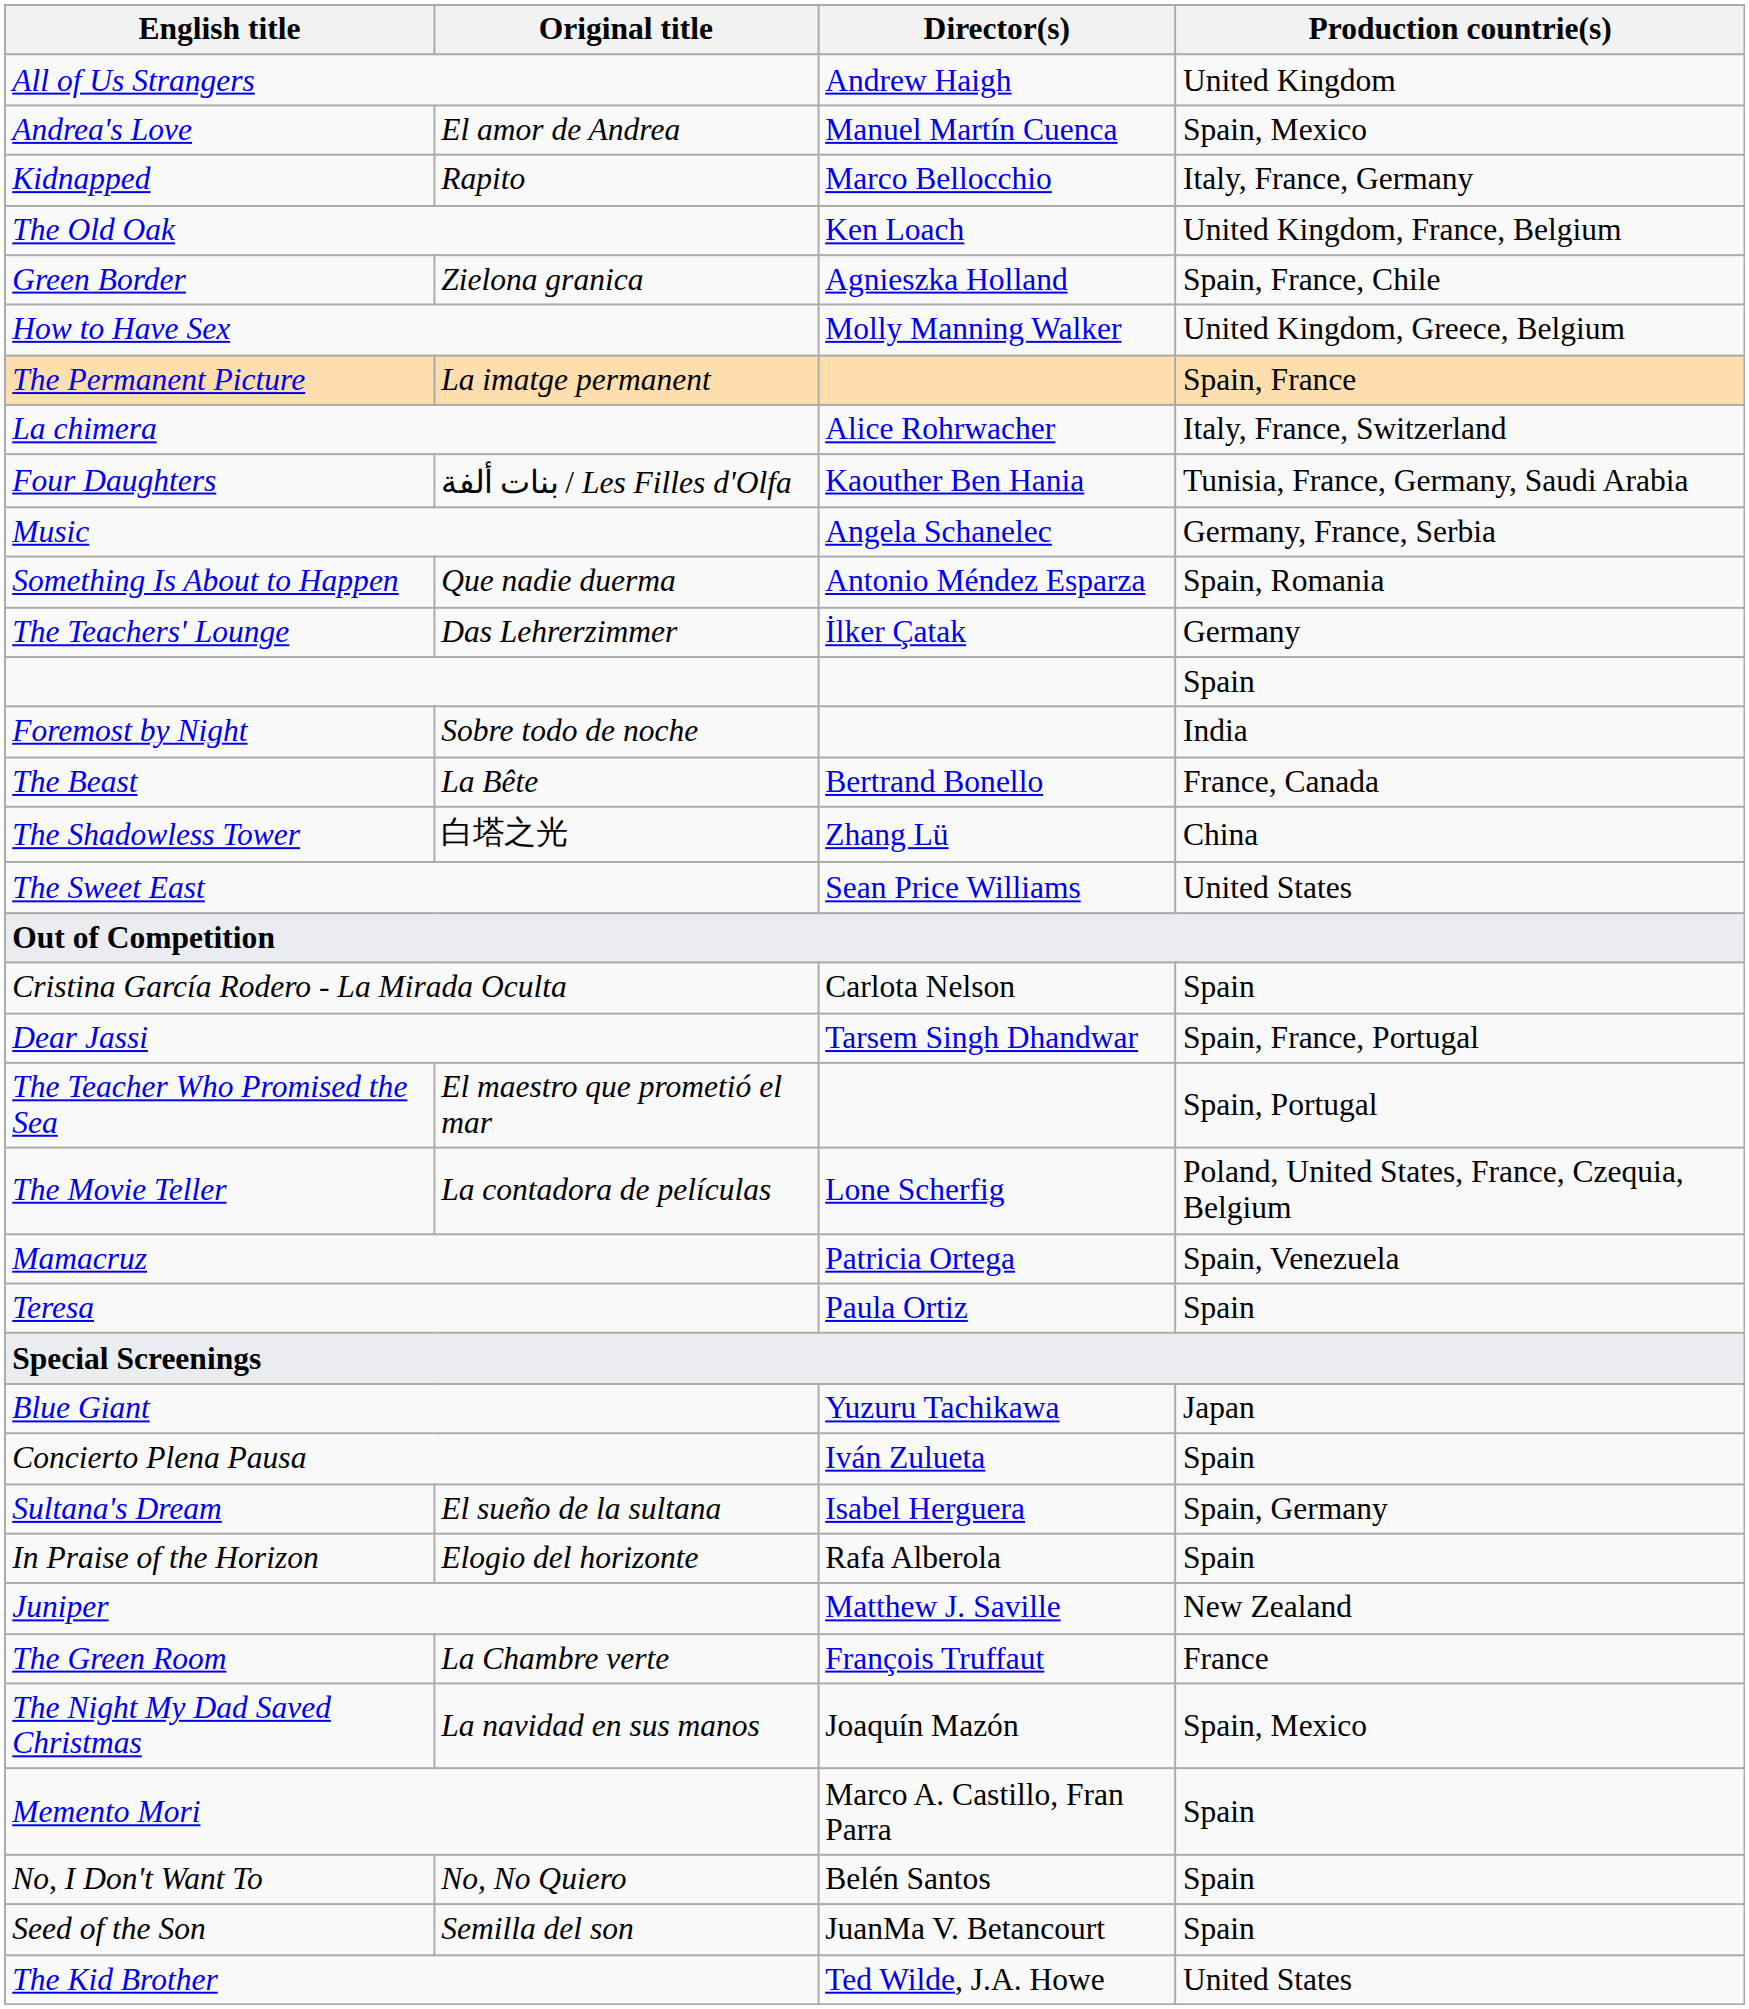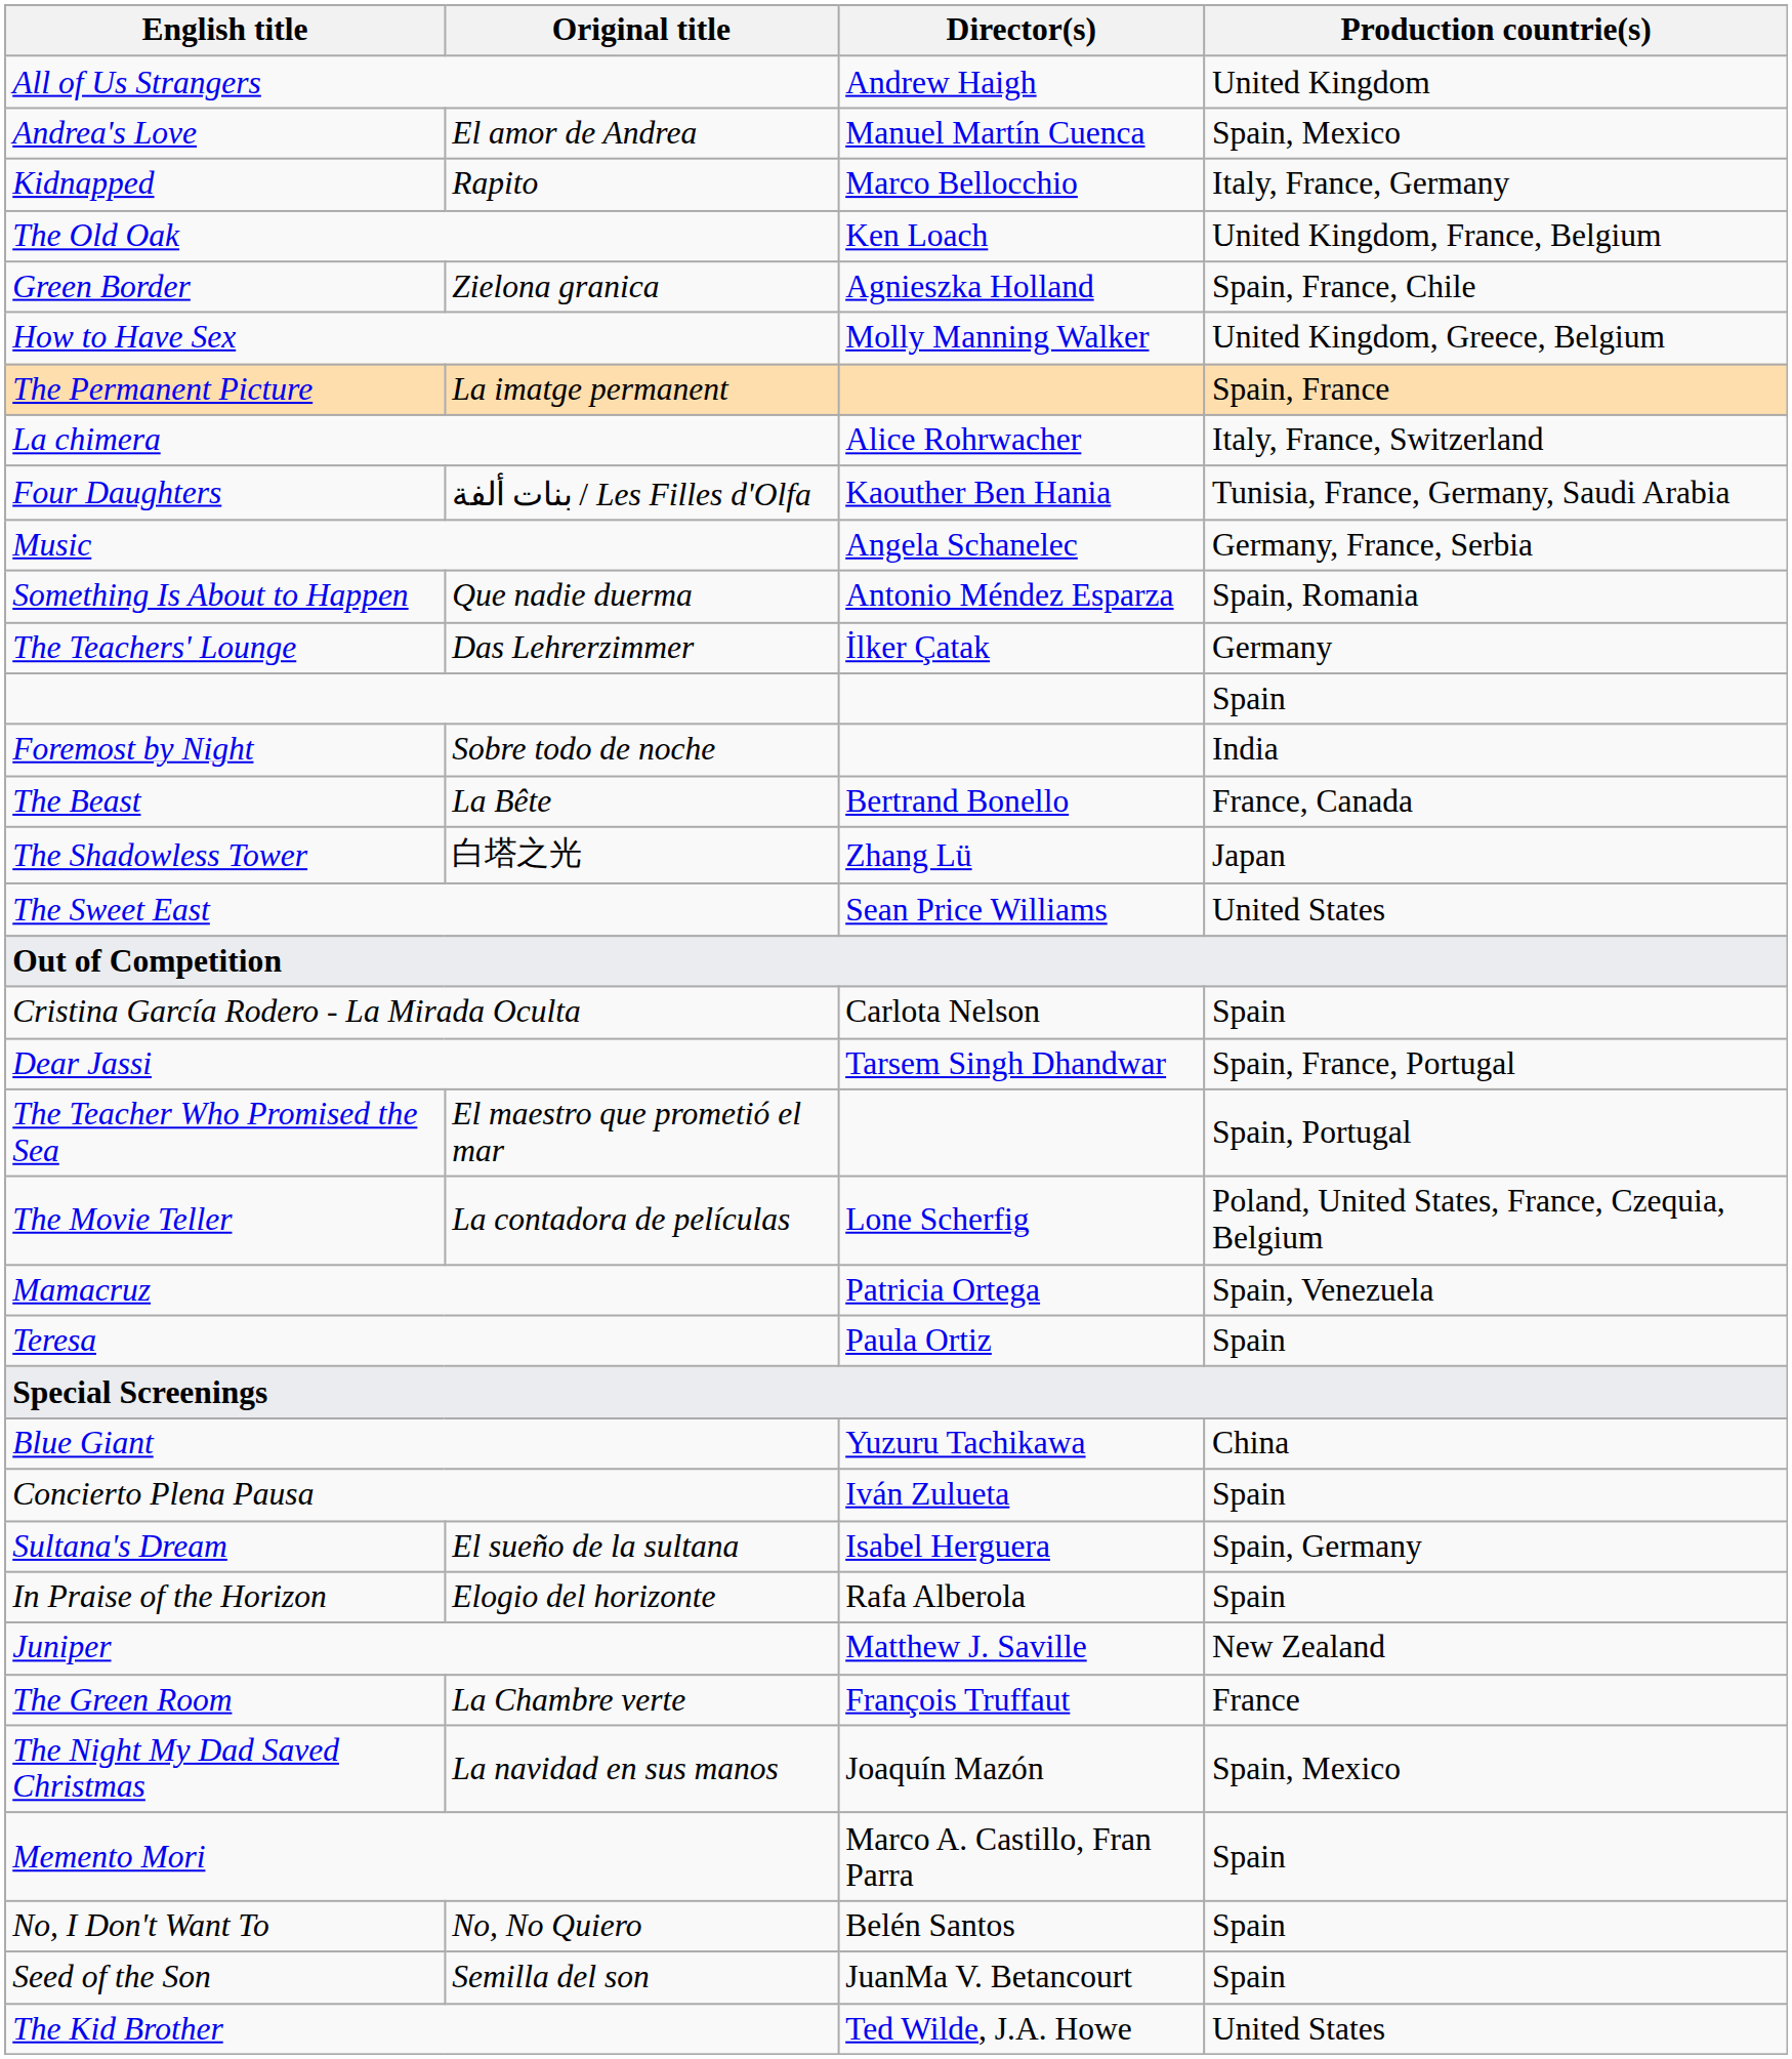 <table class="sortable wikitable" style="width:100%; margin-bottom:4px" cellpadding="5">
 <tr>
 <th scope="col">English title</th>
 <th scope="col">Original title</th>
 <th scope="col">Director(s)</th>
 <th scope="col">Production countrie(s)</th>
 </tr>
 <tr>
 <td colspan="2"><em><a href='#'>All of Us Strangers</a></em></td>
 <td><a href='#'>Andrew Haigh</a></td>
 <td>United Kingdom</td>
 </tr>
 <tr>
 <td><em><a href='#'>Andrea's Love</a></em></td>
 <td><em>El amor de Andrea</em></td>
 <td><a href='#'>Manuel Martín Cuenca</a></td>
 <td>Spain, Mexico</td>
 </tr>
 <tr>
 <td><em><a href='#'>Kidnapped</a></em></td>
 <td><em>Rapito</em></td>
 <td><a href='#'>Marco Bellocchio</a></td>
 <td>Italy, France, Germany</td>
 </tr>
 <tr>
 <td colspan="2"><em><a href='#'>The Old Oak</a></em></td>
 <td><a href='#'>Ken Loach</a></td>
 <td>United Kingdom, France, Belgium</td>
 </tr>
 <tr>
 <td><em><a href='#'>Green Border</a></em></td>
 <td><em>Zielona granica</em></td>
 <td><a href='#'>Agnieszka Holland</a></td>
 <td>Spain, France, Chile</td>
 </tr>
 <tr>
 <td colspan="2"><em><a href='#'>How to Have Sex</a></em></td>
 <td><a href='#'>Molly Manning Walker</a></td>
 <td>United Kingdom, Greece, Belgium</td>
 </tr>
 <tr style="background:#FFDEAD;">
 <td><em><a href='#'>The Permanent Picture</a></em></td>
 <td><em>La imatge permanent</em></td>
 <td></td>
 <td>Spain, France</td>
 </tr>
 <tr>
 <td colspan="2"><em><a href='#'>La chimera</a></em></td>
 <td><a href='#'>Alice Rohrwacher</a></td>
 <td>Italy, France, Switzerland</td>
 </tr>
 <tr>
 <td><em><a href='#'>Four Daughters</a></em></td>
 <td>بنات ألفة / <em>Les Filles d'Olfa</em></td>
 <td><a href='#'>Kaouther Ben Hania</a></td>
 <td>Tunisia, France, Germany, Saudi Arabia</td>
 </tr>
 <tr>
 <td colspan="2"><em><a href='#'>Music</a></em></td>
 <td><a href='#'>Angela Schanelec</a></td>
 <td>Germany, France, Serbia</td>
 </tr>
 <tr>
 <td><em><a href='#'>Something Is About to Happen</a></em></td>
 <td><em>Que nadie duerma</em></td>
 <td><a href='#'>Antonio Méndez Esparza</a></td>
 <td>Spain, Romania</td>
 </tr>
 <tr>
 <td><em><a href='#'>The Teachers' Lounge</a></em></td>
 <td><em>Das Lehrerzimmer</em></td>
 <td><a href='#'>İlker Çatak</a></td>
 <td>Germany</td>
 </tr>
 <tr>
 <td colspan="2"><em></em></td>
 <td></td>
 <td>Spain</td>
 </tr>
 <tr>
 <td><em><a href='#'>Foremost by Night</a></em></td>
 <td><em>Sobre todo de noche</em></td>
 <td></td>
 <td>India</td>
 </tr>
 <tr>
 <td><em><a href='#'>The Beast</a></em></td>
 <td><em>La Bête</em></td>
 <td><a href='#'>Bertrand Bonello</a></td>
 <td>France, Canada</td>
 </tr>
 <tr>
 <td><em><a href='#'>The Shadowless Tower</a></em></td>
 <td>白塔之光</td>
 <td><a href='#'>Zhang Lü</a></td>
-<td>China</td>
+<td>Japan</td>
 </tr>
 <tr>
 <td colspan="2"><em><a href='#'>The Sweet East</a></em></td>
 <td><a href='#'>Sean Price Williams</a></td>
 <td>United States</td>
 </tr>
 <tr>
 <td colspan=4 class="center" style="padding-center:120px; background-color:#EAECF0"><strong>Out of Competition</strong></td>
 </tr>
 <tr>
 <td colspan="2"><em>Cristina García Rodero - La Mirada Oculta</em></td>
 <td>Carlota Nelson</td>
 <td>Spain</td>
 </tr>
 <tr>
 <td colspan="2"><em><a href='#'>Dear Jassi</a></em></td>
 <td><a href='#'>Tarsem Singh Dhandwar</a></td>
 <td>Spain, France, Portugal</td>
 </tr>
 <tr>
 <td><em><a href='#'>The Teacher Who Promised the Sea</a></em></td>
 <td><em>El maestro que prometió el mar</em></td>
 <td></td>
 <td>Spain, Portugal</td>
 </tr>
 <tr>
 <td><em><a href='#'>The Movie Teller</a></em> </td>
 <td><em>La contadora de películas</em></td>
 <td><a href='#'>Lone Scherfig</a></td>
 <td>Poland, United States, France, Czequia, Belgium</td>
 </tr>
 <tr>
 <td colspan="2"><em><a href='#'>Mamacruz</a></em></td>
 <td><a href='#'>Patricia Ortega</a></td>
 <td>Spain, Venezuela</td>
 </tr>
 <tr>
 <td colspan="2"><em><a href='#'>Teresa</a></em></td>
 <td><a href='#'>Paula Ortiz</a></td>
 <td>Spain</td>
 </tr>
 <tr>
 <td colspan=4 class="center" style="padding-center:120px; background-color:#EAECF0"><strong>Special Screenings</strong></td>
 </tr>
 <tr>
 <td colspan="2"><em><a href='#'>Blue Giant</a></em></td>
 <td><a href='#'>Yuzuru Tachikawa</a></td>
-<td>Japan</td>
+<td>China</td>
 </tr>
 <tr>
 <td colspan="2"><em>Concierto Plena Pausa</em></td>
 <td><a href='#'>Iván Zulueta</a></td>
 <td>Spain</td>
 </tr>
 <tr>
 <td><em><a href='#'>Sultana's Dream</a></em></td>
 <td><em>El sueño de la sultana</em></td>
 <td><a href='#'>Isabel Herguera</a></td>
 <td>Spain, Germany</td>
 </tr>
 <tr>
 <td><em>In Praise of the Horizon</em></td>
 <td><em>Elogio del horizonte</em></td>
 <td>Rafa Alberola</td>
 <td>Spain</td>
 </tr>
 <tr>
 <td colspan="2"><em><a href='#'>Juniper</a></em></td>
 <td><a href='#'>Matthew J. Saville</a></td>
 <td>New Zealand</td>
 </tr>
 <tr>
 <td><em><a href='#'>The Green Room</a></em></td>
 <td><em>La Chambre verte</em></td>
 <td><a href='#'>François Truffaut</a></td>
 <td>France</td>
 </tr>
 <tr>
 <td><em><a href='#'>The Night My Dad Saved Christmas</a></em></td>
 <td><em>La navidad en sus manos</em></td>
 <td>Joaquín Mazón</td>
 <td>Spain, Mexico</td>
 </tr>
 <tr>
 <td colspan="2"><em><a href='#'>Memento Mori</a></em></td>
 <td>Marco A. Castillo, Fran Parra</td>
 <td>Spain</td>
 </tr>
 <tr>
 <td><em>No, I Don't Want To</em></td>
 <td><em>No, No Quiero</em></td>
 <td>Belén Santos</td>
 <td>Spain</td>
 </tr>
 <tr>
 <td><em>Seed of the Son</em></td>
 <td><em>Semilla del son</em></td>
 <td>JuanMa V. Betancourt</td>
 <td>Spain</td>
 </tr>
 <tr>
 <td colspan="2"><em><a href='#'>The Kid Brother</a></em></td>
 <td><a href='#'>Ted Wilde</a>, J.A. Howe</td>
 <td>United States</td>
 </tr>
 <tr>
 </tr>
 </table>
